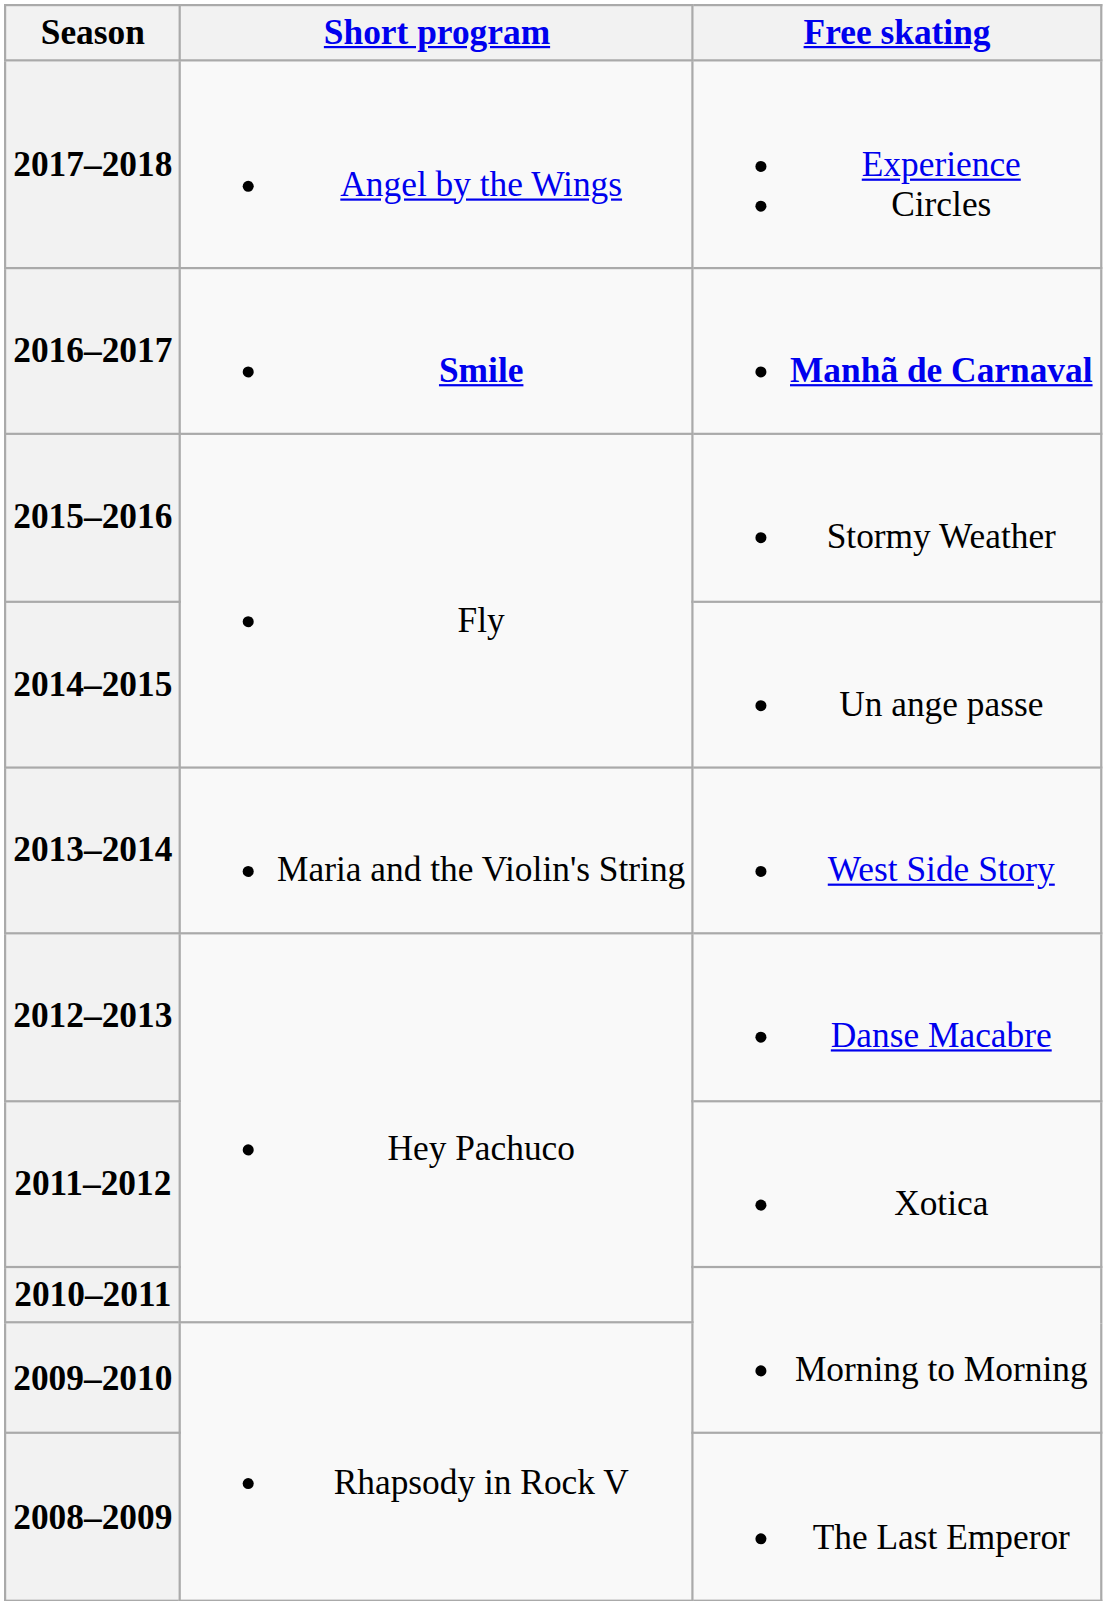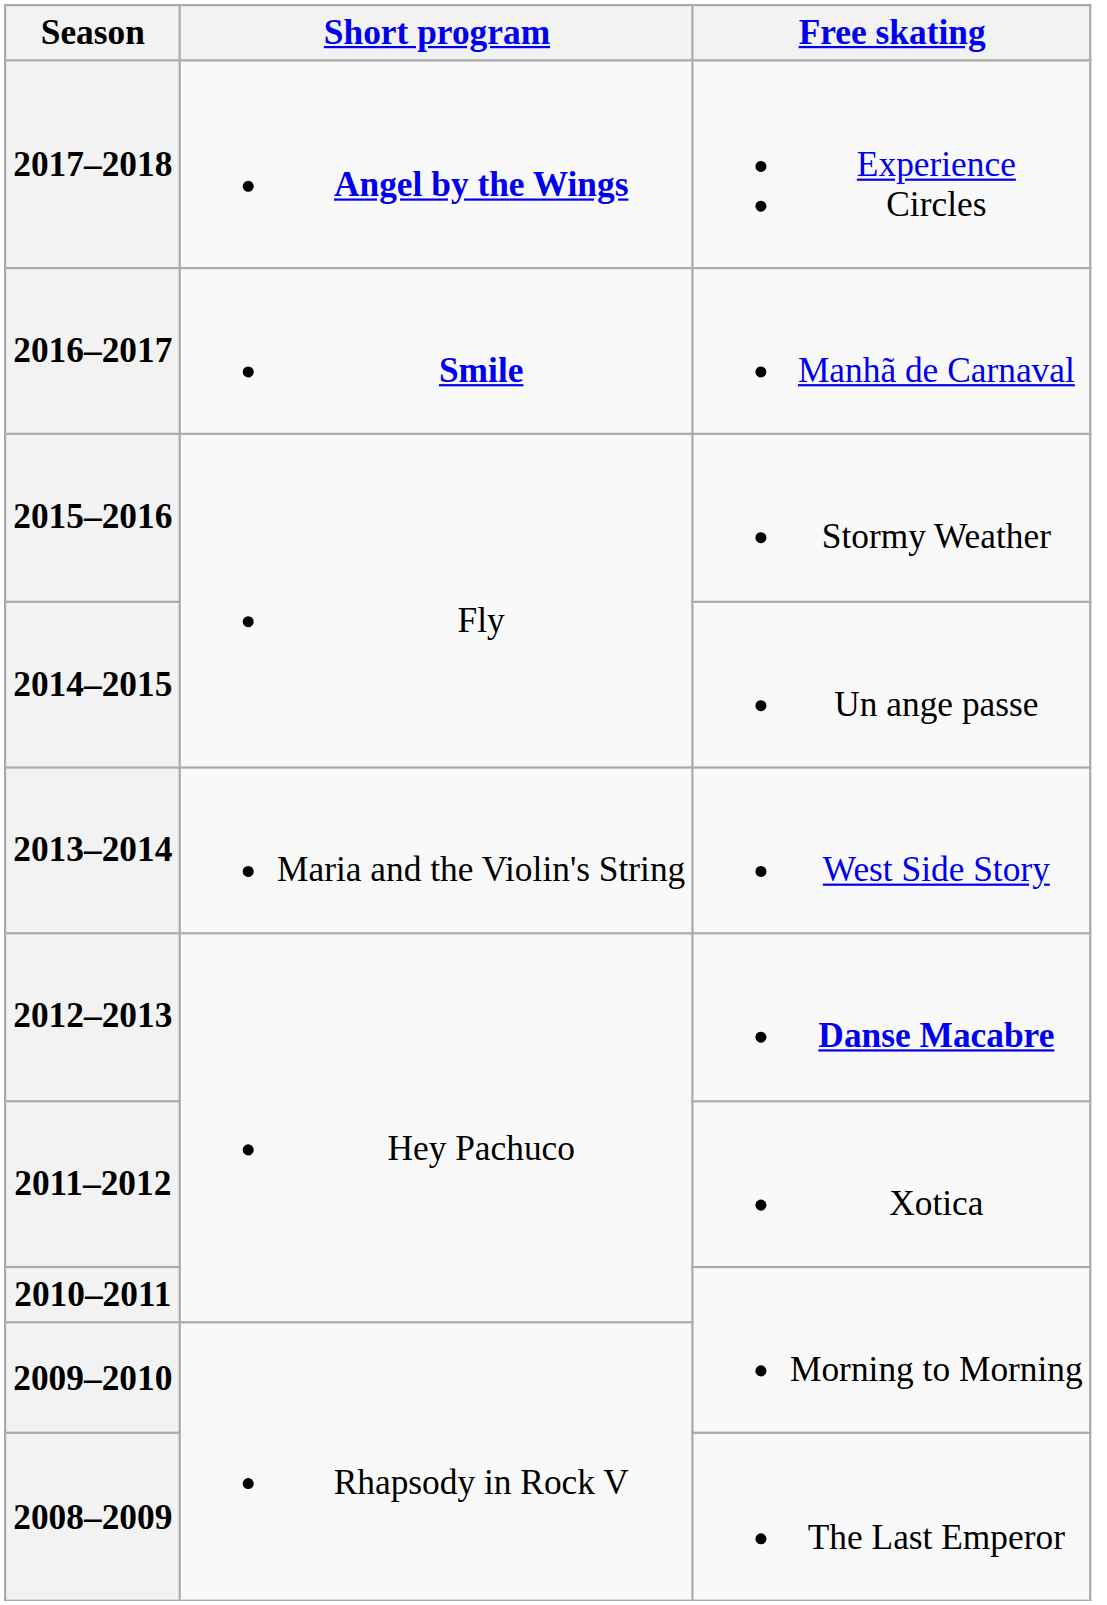 <table class=wikitable style=text-align:center>
 <tr>
 <th>Season</th>
 <th><a href='#'>Short program</a></th>
 <th><a href='#'>Free skating</a></th>
 </tr>
 <tr>
 <th>2017–2018 <br></th>
-<td><br><ul><li><a href='#'>Angel by the Wings</a> <br></li></ul></td>
+<td><strong><br><ul><li><a href='#'>Angel by the Wings</a> <br></li></ul></strong></td>
 <td><br><ul><li><a href='#'>Experience</a> <br></li><li>Circles <br></li></ul></td>
 </tr>
 <tr>
 <th>2016–2017 <br></th>
 <td><strong><br><ul><li><a href='#'>Smile</a> <br></li></ul></strong></td>
-<td><strong><br><ul><li><a href='#'>Manhã de Carnaval</a> <br></li></ul></strong></td>
+<td><br><ul><li><a href='#'>Manhã de Carnaval</a> <br></li></ul></td>
 </tr>
 <tr>
 <th>2015–2016 <br> </th>
 <td rowspan=2><br><ul><li>Fly <br></li></ul></td>
 <td><br><ul><li>Stormy Weather <br></li></ul></td>
 </tr>
 <tr>
 <th>2014–2015 <br> </th>
 <td><br><ul><li>Un ange passe <br></li></ul></td>
 </tr>
 <tr>
 <th>2013–2014 <br> </th>
 <td><br><ul><li>Maria and the Violin's String <br></li></ul></td>
 <td><br><ul><li><a href='#'>West Side Story</a> <br></li></ul></td>
 </tr>
 <tr>
 <th>2012–2013 <br> </th>
 <td rowspan=3><br><ul><li>Hey Pachuco <br></li></ul></td>
-<td><br><ul><li><a href='#'>Danse Macabre</a> <br></li></ul></td>
+<td><strong><br><ul><li><a href='#'>Danse Macabre</a> <br></li></ul></strong></td>
 </tr>
 <tr>
 <th>2011–2012 <br> </th>
 <td><br><ul><li>Xotica <br></li></ul></td>
 </tr>
 <tr>
 <th>2010–2011 <br> </th>
 <td rowspan=2><br><ul><li>Morning to Morning <br></li></ul></td>
 </tr>
 <tr>
 <th>2009–2010</th>
 <td rowspan=2><br><ul><li>Rhapsody in Rock V <br></li></ul></td>
 </tr>
 <tr>
 <th>2008–2009 <br> </th>
 <td><br><ul><li>The Last Emperor</li></ul></td>
 </tr>
 </table>
